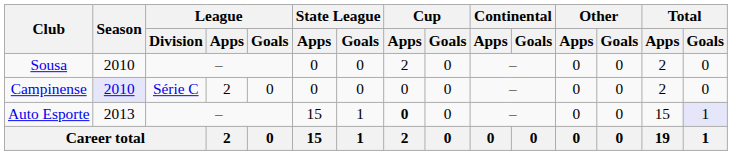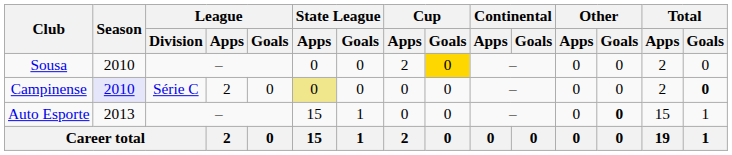 <table class="wikitable" style="text-align: center">
 <tr>
 <th rowspan="2">Club</th>
 <th rowspan="2">Season</th>
 <th colspan="3">League</th>
 <th colspan="2">State League</th>
 <th colspan="2">Cup</th>
 <th colspan="2">Continental</th>
 <th colspan="2">Other</th>
 <th colspan="2">Total</th>
 </tr>
 <tr>
 <th>Division</th>
 <th>Apps</th>
 <th>Goals</th>
 <th>Apps</th>
 <th>Goals</th>
 <th>Apps</th>
 <th>Goals</th>
 <th>Apps</th>
 <th>Goals</th>
 <th>Apps</th>
 <th>Goals</th>
 <th>Apps</th>
 <th>Goals</th>
 </tr>
 <tr>
 <td><a href='#'>Sousa</a></td>
 <td>2010</td>
 <td colspan="3">–</td>
 <td>0</td>
 <td>0</td>
 <td>2</td>
-<td>0</td>
+<td style="background: gold;">0</td>
 <td colspan="2">–</td>
 <td>0</td>
 <td>0</td>
 <td>2</td>
 <td>0</td>
 </tr>
 <tr>
 <td><a href='#'>Campinense</a></td>
 <td style="background: lavender;"><a href='#'>2010</a></td>
 <td><a href='#'>Série C</a></td>
 <td>2</td>
 <td>0</td>
-<td>0</td>
+<td style="background: khaki;">0</td>
 <td>0</td>
 <td>0</td>
 <td>0</td>
 <td colspan="2">–</td>
 <td>0</td>
 <td>0</td>
 <td>2</td>
-<td>0</td>
+<td><strong>0</strong></td>
 </tr>
 <tr>
 <td><a href='#'>Auto Esporte</a></td>
 <td>2013</td>
 <td colspan="3">–</td>
 <td>15</td>
 <td>1</td>
-<td><strong>0</strong></td>
+<td>0</td>
 <td>0</td>
 <td colspan="2">–</td>
 <td>0</td>
-<td>0</td>
+<td><strong>0</strong></td>
 <td>15</td>
-<td style="background: lavender;">1</td>
+<td>1</td>
 </tr>
 <tr>
 <th colspan="3"><strong>Career total</strong></th>
 <th>2</th>
 <th>0</th>
 <th>15</th>
 <th>1</th>
 <th>2</th>
 <th>0</th>
 <th>0</th>
 <th>0</th>
 <th>0</th>
 <th>0</th>
 <th>19</th>
 <th>1</th>
 </tr>
 </table>
